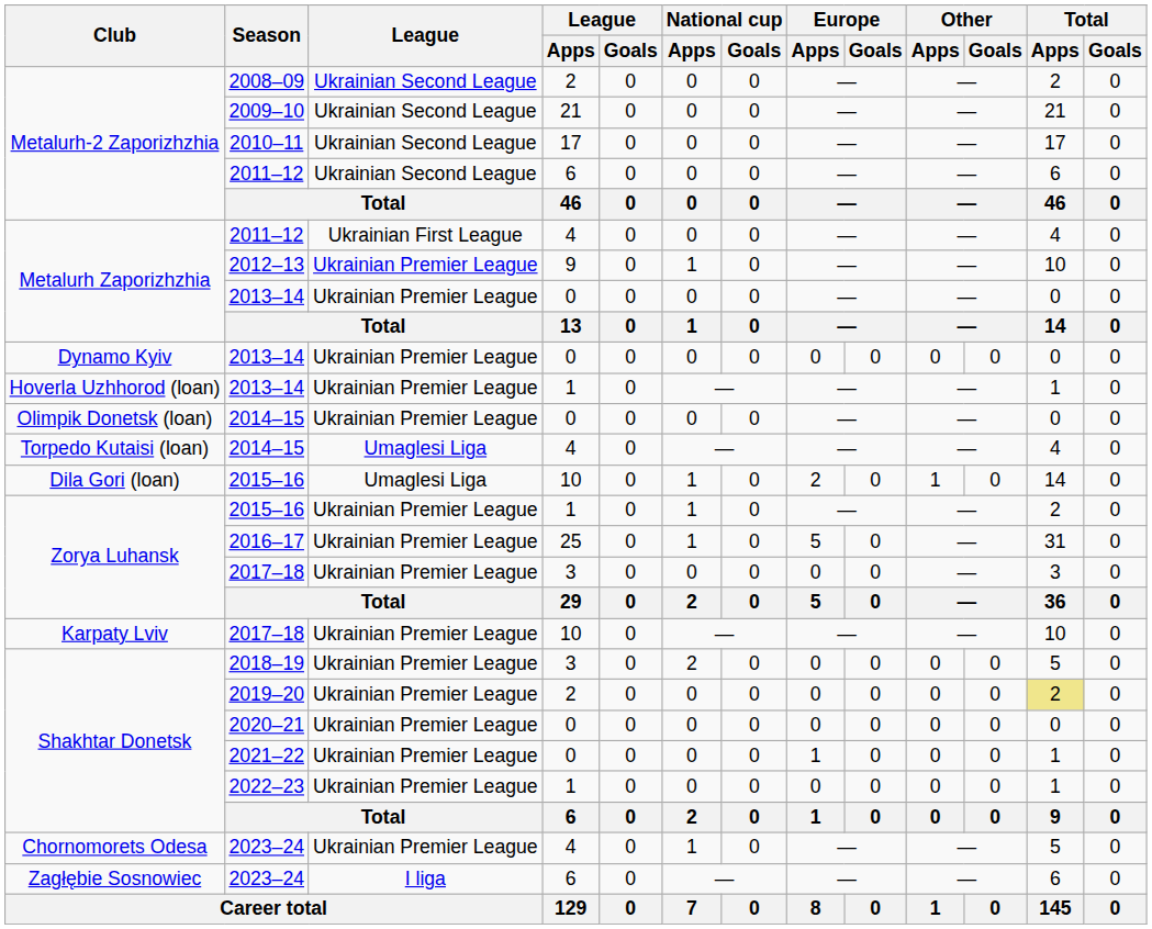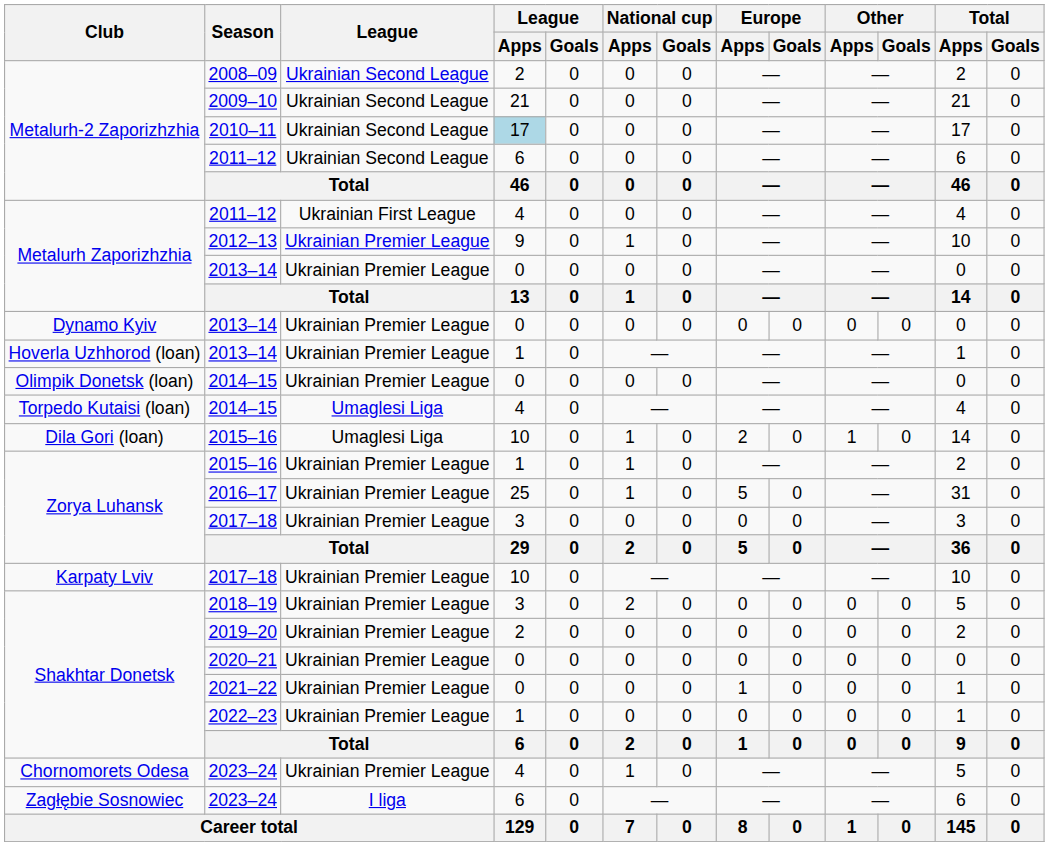 <table class="wikitable" style="text-align: center;">
 <tr>
 <th rowspan="2">Club</th>
 <th rowspan="2">Season</th>
 <th rowspan="2">League</th>
 <th colspan="2">League</th>
 <th colspan="2">National cup</th>
 <th colspan="2">Europe</th>
 <th colspan="2">Other</th>
 <th colspan="2">Total</th>
 </tr>
 <tr>
 <th>Apps</th>
 <th>Goals</th>
 <th>Apps</th>
 <th>Goals</th>
 <th>Apps</th>
 <th>Goals</th>
 <th>Apps</th>
 <th>Goals</th>
 <th>Apps</th>
 <th>Goals</th>
 </tr>
 <tr>
 <td rowspan="5"><a href='#'>Metalurh-2 Zaporizhzhia</a></td>
 <td><a href='#'>2008–09</a></td>
 <td><a href='#'>Ukrainian Second League</a></td>
 <td>2</td>
 <td>0</td>
 <td>0</td>
 <td>0</td>
 <td colspan="2">—</td>
 <td colspan="2">—</td>
 <td>2</td>
 <td>0</td>
 </tr>
 <tr>
 <td><a href='#'>2009–10</a></td>
 <td>Ukrainian Second League</td>
 <td>21</td>
 <td>0</td>
 <td>0</td>
 <td>0</td>
 <td colspan="2">—</td>
 <td colspan="2">—</td>
 <td>21</td>
 <td>0</td>
 </tr>
 <tr>
 <td><a href='#'>2010–11</a></td>
 <td>Ukrainian Second League</td>
-<td>17</td>
+<td style="background: lightblue;">17</td>
 <td>0</td>
 <td>0</td>
 <td>0</td>
 <td colspan="2">—</td>
 <td colspan="2">—</td>
 <td>17</td>
 <td>0</td>
 </tr>
 <tr>
 <td><a href='#'>2011–12</a></td>
 <td>Ukrainian Second League</td>
 <td>6</td>
 <td>0</td>
 <td>0</td>
 <td>0</td>
 <td colspan="2">—</td>
 <td colspan="2">—</td>
 <td>6</td>
 <td>0</td>
 </tr>
 <tr>
 <th colspan="2">Total</th>
 <th>46</th>
 <th>0</th>
 <th>0</th>
 <th>0</th>
 <th colspan="2">—</th>
 <th colspan="2">—</th>
 <th>46</th>
 <th>0</th>
 </tr>
 <tr>
 <td rowspan="4"><a href='#'>Metalurh Zaporizhzhia</a></td>
 <td><a href='#'>2011–12</a></td>
 <td>Ukrainian First League</td>
 <td>4</td>
 <td>0</td>
 <td>0</td>
 <td>0</td>
 <td colspan="2">—</td>
 <td colspan="2">—</td>
 <td>4</td>
 <td>0</td>
 </tr>
 <tr>
 <td><a href='#'>2012–13</a></td>
 <td><a href='#'>Ukrainian Premier League</a></td>
 <td>9</td>
 <td>0</td>
 <td>1</td>
 <td>0</td>
 <td colspan="2">—</td>
 <td colspan="2">—</td>
 <td>10</td>
 <td>0</td>
 </tr>
 <tr>
 <td><a href='#'>2013–14</a></td>
 <td>Ukrainian Premier League</td>
 <td>0</td>
 <td>0</td>
 <td>0</td>
 <td>0</td>
 <td colspan="2">—</td>
 <td colspan="2">—</td>
 <td>0</td>
 <td>0</td>
 </tr>
 <tr>
 <th colspan="2">Total</th>
 <th>13</th>
 <th>0</th>
 <th>1</th>
 <th>0</th>
 <th colspan="2">—</th>
 <th colspan="2">—</th>
 <th>14</th>
 <th>0</th>
 </tr>
 <tr>
 <td><a href='#'>Dynamo Kyiv</a></td>
 <td><a href='#'>2013–14</a></td>
 <td>Ukrainian Premier League</td>
 <td>0</td>
 <td>0</td>
 <td>0</td>
 <td>0</td>
 <td>0</td>
 <td>0</td>
 <td>0</td>
 <td>0</td>
 <td>0</td>
 <td>0</td>
 </tr>
 <tr>
 <td><a href='#'>Hoverla Uzhhorod</a> (loan)</td>
 <td><a href='#'>2013–14</a></td>
 <td>Ukrainian Premier League</td>
 <td>1</td>
 <td>0</td>
 <td colspan="2">—</td>
 <td colspan="2">—</td>
 <td colspan="2">—</td>
 <td>1</td>
 <td>0</td>
 </tr>
 <tr>
 <td><a href='#'>Olimpik Donetsk</a> (loan)</td>
 <td><a href='#'>2014–15</a></td>
 <td>Ukrainian Premier League</td>
 <td>0</td>
 <td>0</td>
 <td>0</td>
 <td>0</td>
 <td colspan="2">—</td>
 <td colspan="2">—</td>
 <td>0</td>
 <td>0</td>
 </tr>
 <tr>
 <td><a href='#'>Torpedo Kutaisi</a> (loan)</td>
 <td><a href='#'>2014–15</a></td>
 <td><a href='#'>Umaglesi Liga</a></td>
 <td>4</td>
 <td>0</td>
 <td colspan="2">—</td>
 <td colspan="2">—</td>
 <td colspan="2">—</td>
 <td>4</td>
 <td>0</td>
 </tr>
 <tr>
 <td><a href='#'>Dila Gori</a> (loan)</td>
 <td><a href='#'>2015–16</a></td>
 <td>Umaglesi Liga</td>
 <td>10</td>
 <td>0</td>
 <td>1</td>
 <td>0</td>
 <td>2</td>
 <td>0</td>
 <td>1</td>
 <td>0</td>
 <td>14</td>
 <td>0</td>
 </tr>
 <tr>
 <td rowspan="4"><a href='#'>Zorya Luhansk</a></td>
 <td><a href='#'>2015–16</a></td>
 <td>Ukrainian Premier League</td>
 <td>1</td>
 <td>0</td>
 <td>1</td>
 <td>0</td>
 <td colspan="2">—</td>
 <td colspan="2">—</td>
 <td>2</td>
 <td>0</td>
 </tr>
 <tr>
 <td><a href='#'>2016–17</a></td>
 <td>Ukrainian Premier League</td>
 <td>25</td>
 <td>0</td>
 <td>1</td>
 <td>0</td>
 <td>5</td>
 <td>0</td>
 <td colspan="2">—</td>
 <td>31</td>
 <td>0</td>
 </tr>
 <tr>
 <td><a href='#'>2017–18</a></td>
 <td>Ukrainian Premier League</td>
 <td>3</td>
 <td>0</td>
 <td>0</td>
 <td>0</td>
 <td>0</td>
 <td>0</td>
 <td colspan="2">—</td>
 <td>3</td>
 <td>0</td>
 </tr>
 <tr>
 <th colspan="2">Total</th>
 <th>29</th>
 <th>0</th>
 <th>2</th>
 <th>0</th>
 <th>5</th>
 <th>0</th>
 <th colspan="2">—</th>
 <th>36</th>
 <th>0</th>
 </tr>
 <tr>
 <td><a href='#'>Karpaty Lviv</a></td>
 <td><a href='#'>2017–18</a></td>
 <td>Ukrainian Premier League</td>
 <td>10</td>
 <td>0</td>
 <td colspan="2">—</td>
 <td colspan="2">—</td>
 <td colspan="2">—</td>
 <td>10</td>
 <td>0</td>
 </tr>
 <tr>
 <td rowspan="6"><a href='#'>Shakhtar Donetsk</a></td>
 <td><a href='#'>2018–19</a></td>
 <td>Ukrainian Premier League</td>
 <td>3</td>
 <td>0</td>
 <td>2</td>
 <td>0</td>
 <td>0</td>
 <td>0</td>
 <td>0</td>
 <td>0</td>
 <td>5</td>
 <td>0</td>
 </tr>
 <tr>
 <td><a href='#'>2019–20</a></td>
 <td>Ukrainian Premier League</td>
 <td>2</td>
 <td>0</td>
 <td>0</td>
 <td>0</td>
 <td>0</td>
 <td>0</td>
 <td>0</td>
 <td>0</td>
-<td style="background: khaki;">2</td>
+<td>2</td>
 <td>0</td>
 </tr>
 <tr>
 <td><a href='#'>2020–21</a></td>
 <td>Ukrainian Premier League</td>
 <td>0</td>
 <td>0</td>
 <td>0</td>
 <td>0</td>
 <td>0</td>
 <td>0</td>
 <td>0</td>
 <td>0</td>
 <td>0</td>
 <td>0</td>
 </tr>
 <tr>
 <td><a href='#'>2021–22</a></td>
 <td>Ukrainian Premier League</td>
 <td>0</td>
 <td>0</td>
 <td>0</td>
 <td>0</td>
 <td>1</td>
 <td>0</td>
 <td>0</td>
 <td>0</td>
 <td>1</td>
 <td>0</td>
 </tr>
 <tr>
 <td><a href='#'>2022–23</a></td>
 <td>Ukrainian Premier League</td>
 <td>1</td>
 <td>0</td>
 <td>0</td>
 <td>0</td>
 <td>0</td>
 <td>0</td>
 <td>0</td>
 <td>0</td>
 <td>1</td>
 <td>0</td>
 </tr>
 <tr>
 <th colspan="2">Total</th>
 <th>6</th>
 <th>0</th>
 <th>2</th>
 <th>0</th>
 <th>1</th>
 <th>0</th>
 <th>0</th>
 <th>0</th>
 <th>9</th>
 <th>0</th>
 </tr>
 <tr>
 <td><a href='#'>Chornomorets Odesa</a></td>
 <td><a href='#'>2023–24</a></td>
 <td>Ukrainian Premier League</td>
 <td>4</td>
 <td>0</td>
 <td>1</td>
 <td>0</td>
 <td colspan="2">—</td>
 <td colspan="2">—</td>
 <td>5</td>
 <td>0</td>
 </tr>
 <tr>
 <td><a href='#'>Zagłębie Sosnowiec</a></td>
 <td><a href='#'>2023–24</a></td>
 <td><a href='#'>I liga</a></td>
 <td>6</td>
 <td>0</td>
 <td colspan="2">—</td>
 <td colspan="2">—</td>
 <td colspan="2">—</td>
 <td>6</td>
 <td>0</td>
 </tr>
 <tr>
 <th colspan="3">Career total</th>
 <th>129</th>
 <th>0</th>
 <th>7</th>
 <th>0</th>
 <th>8</th>
 <th>0</th>
 <th>1</th>
 <th>0</th>
 <th>145</th>
 <th>0</th>
 </tr>
 </table>
